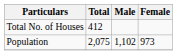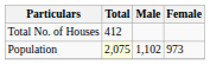 <table class="wikitable sortable">
 <tr>
 <th>Particulars</th>
 <th>Total</th>
 <th>Male</th>
 <th>Female</th>
 </tr>
 <tr>
 <td>Total No. of Houses</td>
 <td>412</td>
 <td></td>
 <td></td>
 </tr>
 <tr>
 <td>Population</td>
-<td>2,075</td>
+<td style="background: lightyellow;">2,075</td>
 <td>1,102</td>
 <td>973</td>
 </tr>
 <tr>
 </tr>
 </table>
